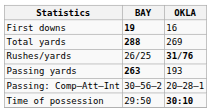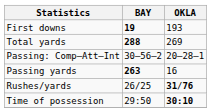 <table class="wikitable" style="float: left;">
 <tr>
 <th>Statistics</th>
 <th>BAY</th>
 <th>OKLA</th>
 </tr>
 <tr>
 <td>First downs</td>
 <td><strong>19</strong></td>
-<td>16</td>
+<td>193</td>
 </tr>
 <tr>
 <td>Total yards</td>
 <td><strong>288</strong></td>
 <td>269</td>
 </tr>
 <tr>
-<td>Rushes/yards</td>
-<td>26/25</td>
-<td><strong>31</strong>/<strong>76</strong></td>
+<td>Passing: Comp–Att–Int</td>
+<td>30–56–2</td>
+<td>20–28–1</td>
 </tr>
 <tr>
 <td>Passing yards</td>
 <td><strong>263</strong></td>
-<td>193</td>
+<td>16</td>
 </tr>
 <tr>
-<td>Passing: Comp–Att–Int</td>
-<td>30–56–2</td>
-<td>20–28–1</td>
+<td>Rushes/yards</td>
+<td>26/25</td>
+<td><strong>31</strong>/<strong>76</strong></td>
 </tr>
 <tr>
 <td>Time of possession</td>
 <td>29:50</td>
 <td><strong>30:10</strong></td>
 </tr>
 <tr>
 </tr>
 </table>
